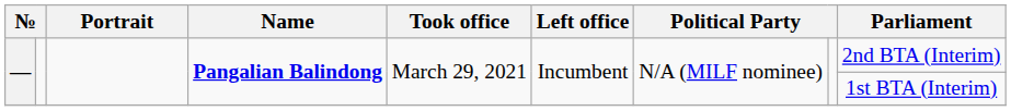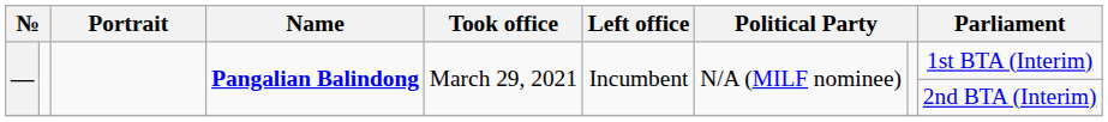 <table class="wikitable">
 <tr>
 <th colspan=2>№</th>
 <th width="100px">Portrait</th>
 <th>Name</th>
 <th>Took office</th>
 <th>Left office</th>
 <th colspan=2>Political Party</th>
 <th>Parliament</th>
 </tr>
 <tr>
 <th rowspan=2 align=center>—</th>
 <td rowspan=2 align=center style="background: "></td>
 <td rowspan=2 align=center></td>
 <td rowspan=2 align=center><strong><a href='#'>Pangalian Balindong</a></strong></td>
 <td rowspan=2 align=center>March 29, 2021</td>
 <td rowspan=2 align=center>Incumbent</td>
 <td rowspan=2 align=center>N/A (<a href='#'>MILF</a> nominee)</td>
 <td rowspan=2 align=center style="background: "></td>
-<td align=center><a href='#'>2nd BTA (Interim)</a></td>
+<td align=center><a href='#'>1st BTA (Interim)</a></td>
 </tr>
 <tr>
-<td align=center><a href='#'>1st BTA (Interim)</a></td>
+<td align=center><a href='#'>2nd BTA (Interim)</a></td>
 </tr>
 <tr>
 </tr>
 </table>
